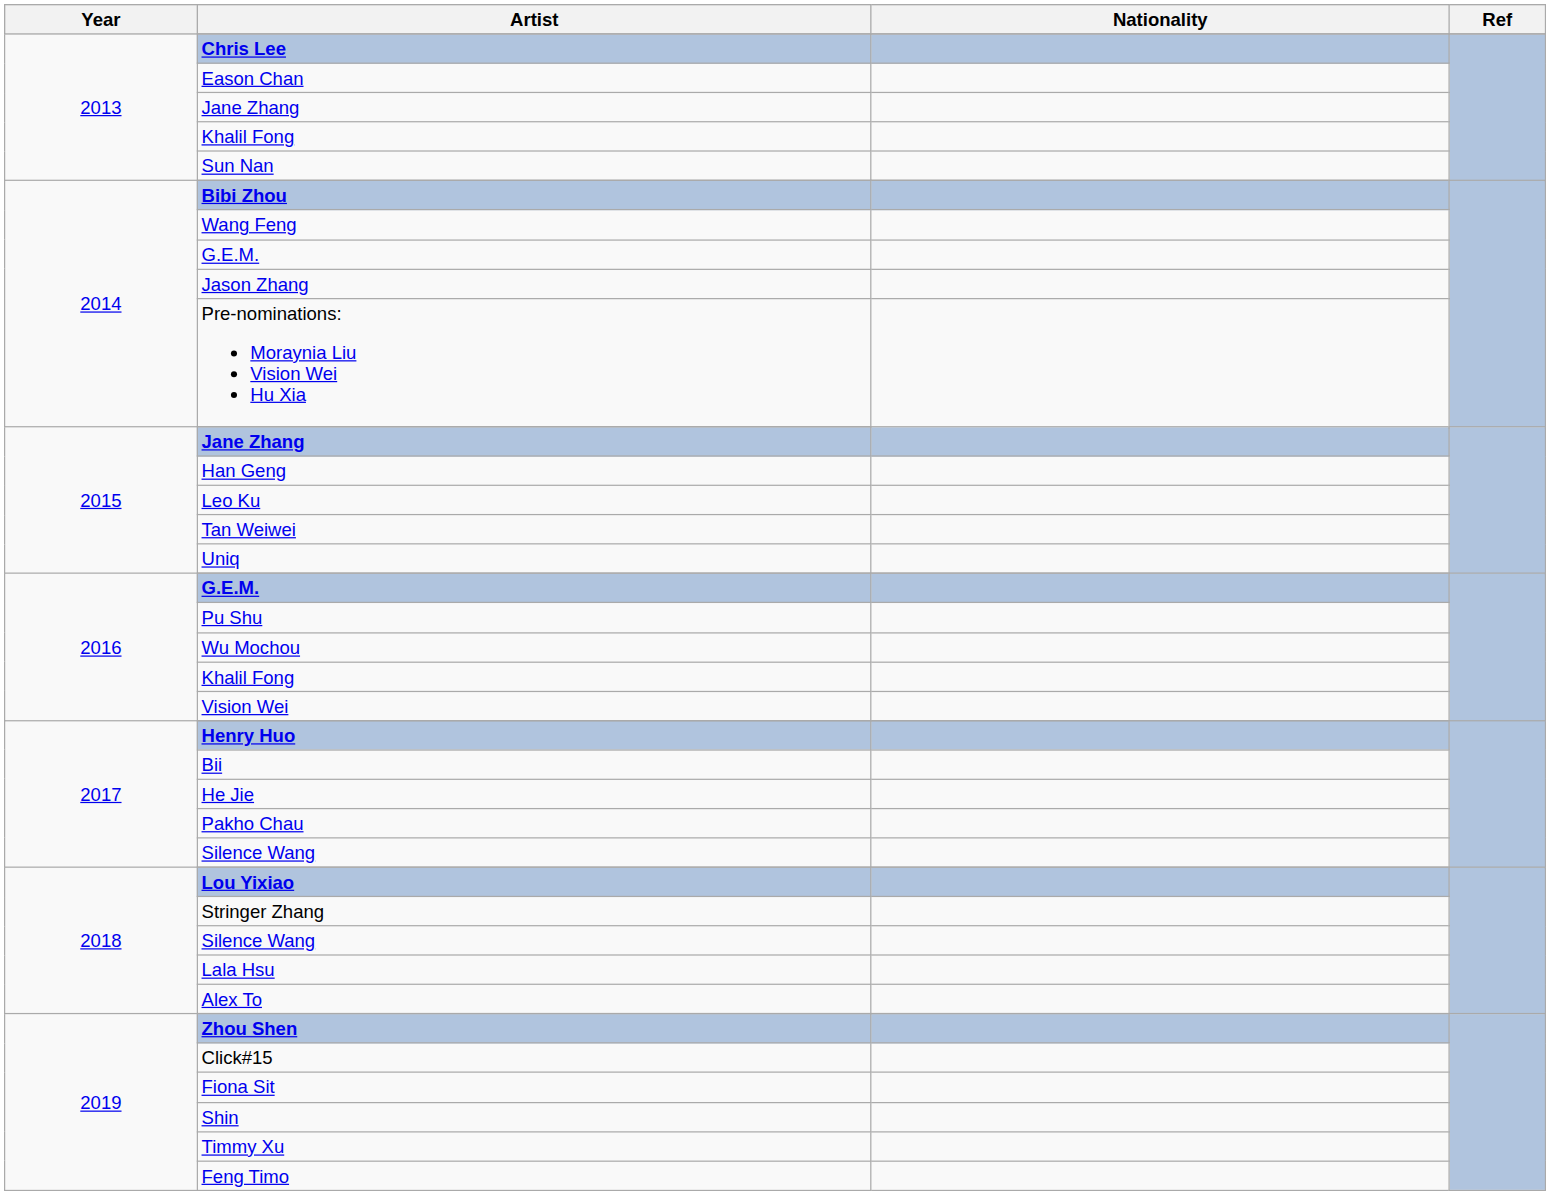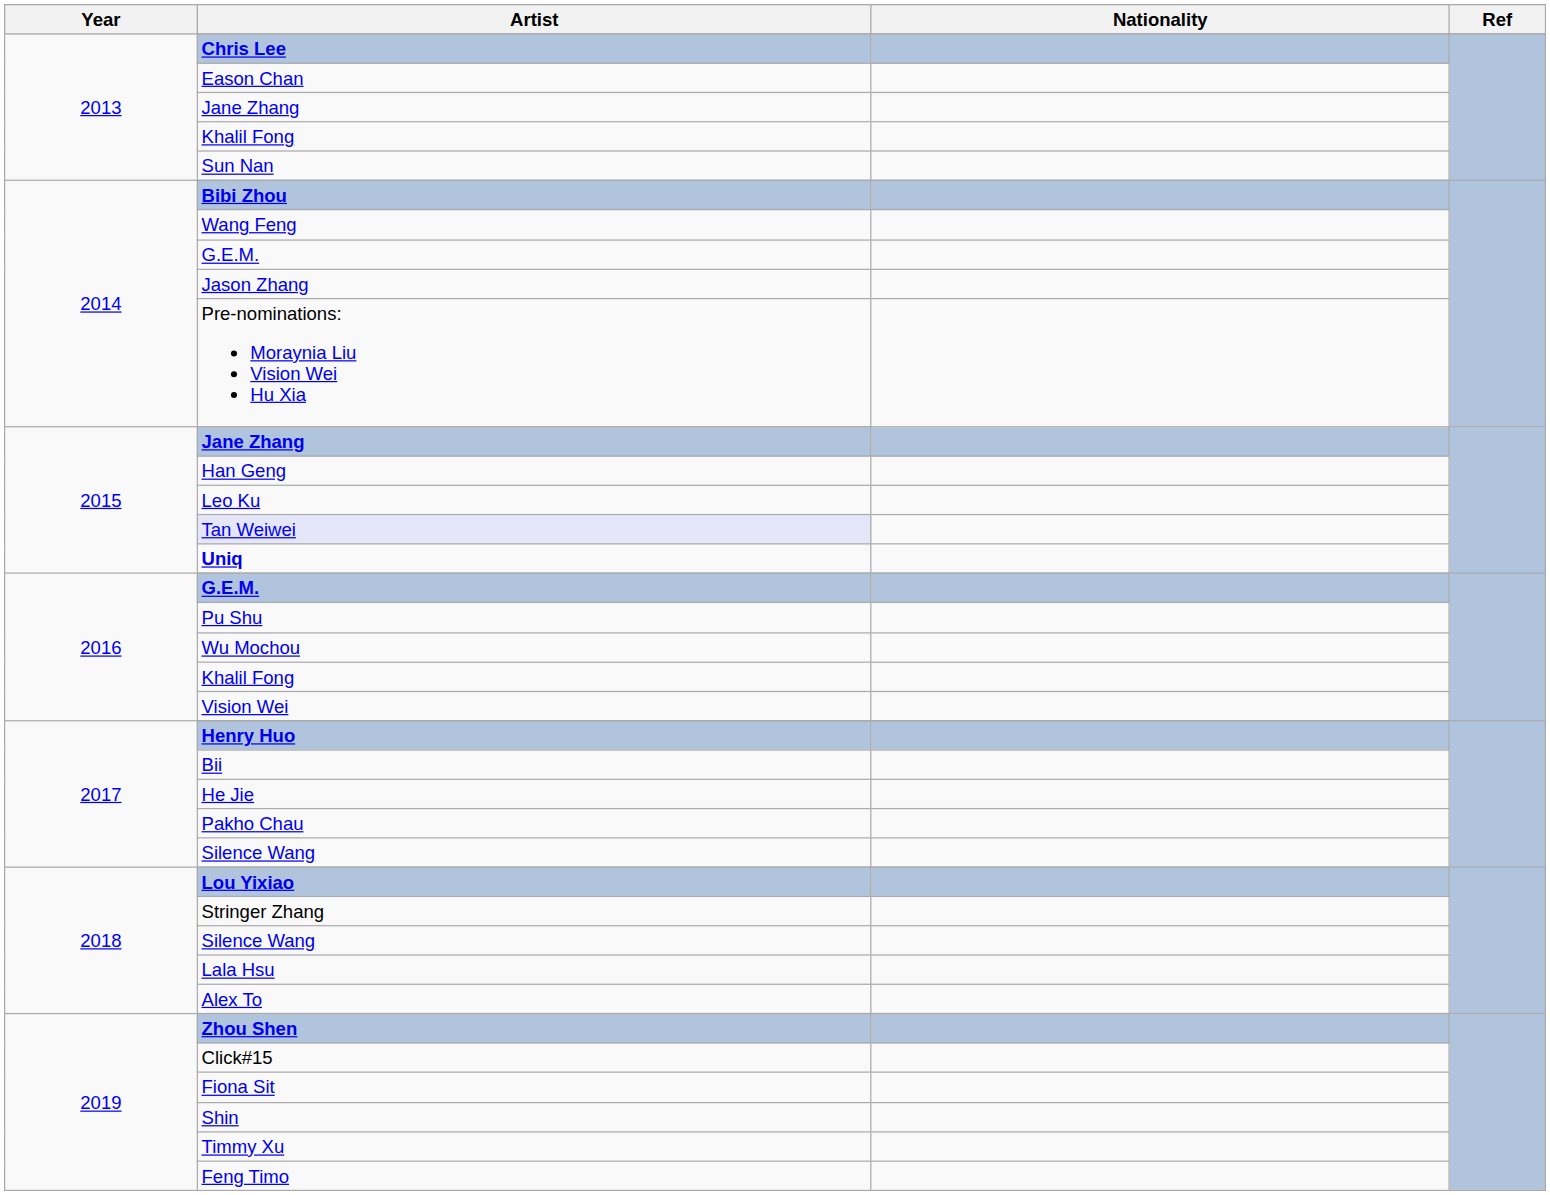 <table class="wikitable sortable plainrowheaders" style="font-size:95%; width:100%;">
 <tr style="background:#bebebe;">
 <th style="width:10%;">Year</th>
 <th style="width:35%;">Artist</th>
 <th style="width:30%;">Nationality</th>
 <th style="width:5%;">Ref</th>
 </tr>
 <tr>
 <td rowspan="6" align="center"><a href='#'>2013</a></td>
 </tr>
 <tr style="background:#B0C4DE">
 <td><strong><a href='#'>Chris Lee</a></strong></td>
 <td><strong></strong></td>
 <td rowspan="6" align="center"></td>
 </tr>
 <tr>
 <td><a href='#'>Eason Chan</a></td>
 <td></td>
 </tr>
 <tr>
 <td><a href='#'>Jane Zhang</a></td>
 <td></td>
 </tr>
 <tr>
 <td><a href='#'>Khalil Fong</a></td>
 <td></td>
 </tr>
 <tr>
 <td><a href='#'>Sun Nan</a></td>
 <td></td>
 </tr>
 <tr>
 <td rowspan="6" align="center"><a href='#'>2014</a></td>
 </tr>
 <tr style="background:#B0C4DE">
 <td><strong><a href='#'>Bibi Zhou</a></strong></td>
 <td><strong></strong></td>
 <td rowspan="6" align="center"></td>
 </tr>
 <tr>
 <td><a href='#'>Wang Feng</a></td>
 <td></td>
 </tr>
 <tr>
 <td><a href='#'>G.E.M.</a></td>
 <td></td>
 </tr>
 <tr>
 <td><a href='#'>Jason Zhang</a></td>
 <td></td>
 </tr>
 <tr>
 <td>Pre-nominations:<br><ul><li><a href='#'>Moraynia Liu</a></li><li><a href='#'>Vision Wei</a></li><li><a href='#'>Hu Xia</a></li></ul></td>
 </tr>
 <tr>
 <td rowspan="6" align="center"><a href='#'>2015</a></td>
 </tr>
 <tr style="background:#B0C4DE">
 <td><strong><a href='#'>Jane Zhang</a></strong></td>
 <td><strong></strong></td>
 <td rowspan="6" align="center"></td>
 </tr>
 <tr>
 <td><a href='#'>Han Geng</a></td>
 <td></td>
 </tr>
 <tr>
 <td><a href='#'>Leo Ku</a></td>
 <td></td>
 </tr>
 <tr>
-<td><a href='#'>Tan Weiwei</a></td>
+<td style="background: lavender;"><a href='#'>Tan Weiwei</a></td>
 <td></td>
 </tr>
 <tr>
-<td><a href='#'>Uniq</a></td>
+<td><strong><a href='#'>Uniq</a></strong></td>
 <td></td>
 </tr>
 <tr>
 <td rowspan="6" align="center"><a href='#'>2016</a></td>
 </tr>
 <tr style="background:#B0C4DE">
 <td><strong><a href='#'>G.E.M.</a></strong></td>
 <td><strong></strong></td>
 <td rowspan="6" align="center"></td>
 </tr>
 <tr>
 <td><a href='#'>Pu Shu</a></td>
 <td></td>
 </tr>
 <tr>
 <td><a href='#'>Wu Mochou</a></td>
 <td></td>
 </tr>
 <tr>
 <td><a href='#'>Khalil Fong</a></td>
 <td></td>
 </tr>
 <tr>
 <td><a href='#'>Vision Wei</a></td>
 <td></td>
 </tr>
 <tr>
 <td rowspan="6" align="center"><a href='#'>2017</a></td>
 </tr>
 <tr style="background:#B0C4DE">
 <td><strong><a href='#'>Henry Huo</a></strong></td>
 <td><strong></strong></td>
 <td rowspan="6" align="center"></td>
 </tr>
 <tr>
 <td><a href='#'>Bii</a></td>
 <td></td>
 </tr>
 <tr>
 <td><a href='#'>He Jie</a></td>
 <td></td>
 </tr>
 <tr>
 <td><a href='#'>Pakho Chau</a></td>
 <td></td>
 </tr>
 <tr>
 <td><a href='#'>Silence Wang</a></td>
 <td></td>
 </tr>
 <tr>
 <td rowspan="6" align="center"><a href='#'>2018</a></td>
 </tr>
 <tr style="background:#B0C4DE">
 <td><strong><a href='#'>Lou Yixiao</a></strong></td>
 <td><strong></strong></td>
 <td rowspan="6" align="center"></td>
 </tr>
 <tr>
 <td>Stringer Zhang</td>
 <td></td>
 </tr>
 <tr>
 <td><a href='#'>Silence Wang</a></td>
 <td></td>
 </tr>
 <tr>
 <td><a href='#'>Lala Hsu</a></td>
 <td></td>
 </tr>
 <tr>
 <td><a href='#'>Alex To</a></td>
 <td></td>
 </tr>
 <tr>
 <td rowspan="7" align="center"><a href='#'>2019</a></td>
 </tr>
 <tr style="background:#B0C4DE">
 <td><strong><a href='#'>Zhou Shen</a></strong></td>
 <td><strong></strong></td>
 <td rowspan="7" align="center"></td>
 </tr>
 <tr>
 <td>Click#15</td>
 <td></td>
 </tr>
 <tr>
 <td><a href='#'>Fiona Sit</a></td>
 <td></td>
 </tr>
 <tr>
 <td><a href='#'>Shin</a></td>
 <td></td>
 </tr>
 <tr>
 <td><a href='#'>Timmy Xu</a></td>
 <td></td>
 </tr>
 <tr>
 <td><a href='#'>Feng Timo</a></td>
 <td></td>
 </tr>
 </table>
